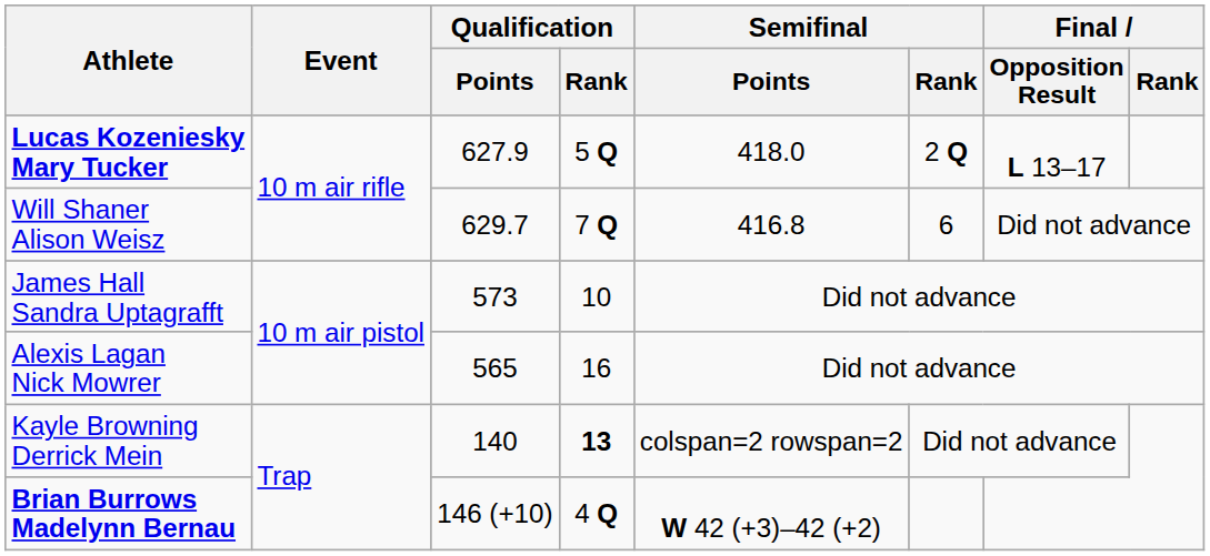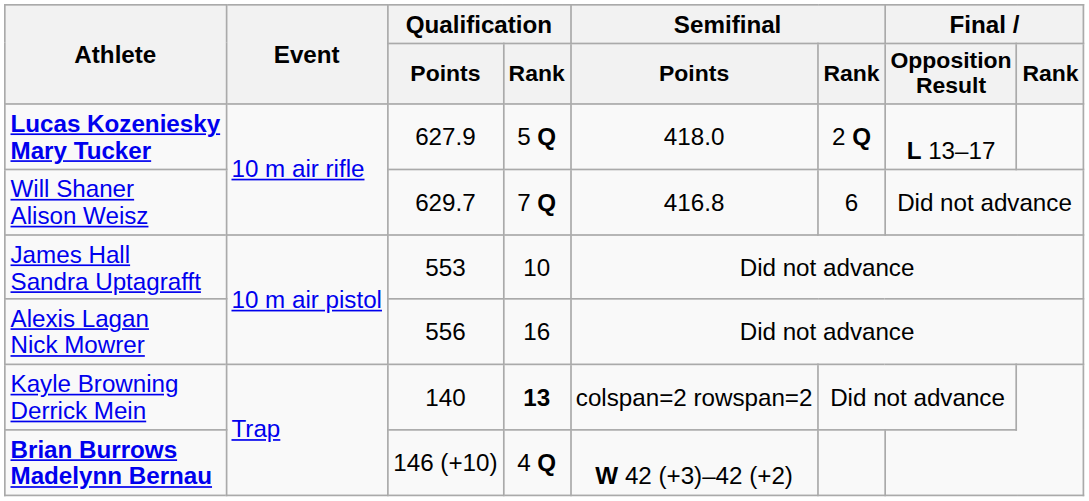 <table class=wikitable style=font-size:90%;text-align:center>
 <tr>
 <th rowspan=2>Athlete</th>
 <th rowspan=2>Event</th>
 <th colspan=2>Qualification</th>
 <th colspan=2>Semifinal</th>
 <th colspan=2>Final / </th>
 </tr>
 <tr style="font-size:95%">
 <th>Points</th>
 <th>Rank</th>
 <th>Points</th>
 <th>Rank</th>
 <th>Opposition<br>Result</th>
 <th>Rank</th>
 </tr>
 <tr>
 <td align=left><strong><a href='#'>Lucas Kozeniesky</a><br><a href='#'>Mary Tucker</a></strong></td>
 <td rowspan=2 align=left><a href='#'>10 m air rifle</a></td>
 <td>627.9</td>
 <td>5 <strong>Q</strong></td>
 <td>418.0</td>
 <td>2 <strong>Q</strong></td>
 <td><br><strong>L</strong> 13–17</td>
 <td></td>
 </tr>
 <tr>
 <td align=left><a href='#'>Will Shaner</a><br><a href='#'>Alison Weisz</a></td>
 <td>629.7</td>
 <td>7 <strong>Q</strong></td>
 <td>416.8</td>
 <td>6</td>
 <td colspan=2>Did not advance</td>
 </tr>
 <tr>
 <td align=left><a href='#'>James Hall</a><br><a href='#'>Sandra Uptagrafft</a></td>
 <td rowspan=2 align=left><a href='#'>10 m air pistol</a></td>
-<td>573</td>
+<td>553</td>
 <td>10</td>
 <td colspan=4>Did not advance</td>
 </tr>
 <tr>
 <td align=left><a href='#'>Alexis Lagan</a><br><a href='#'>Nick Mowrer</a></td>
-<td>565</td>
+<td>556</td>
 <td>16</td>
 <td colspan=4>Did not advance</td>
 </tr>
 <tr>
 <td align=left><a href='#'>Kayle Browning</a><br><a href='#'>Derrick Mein</a></td>
 <td align=left rowspan=2><a href='#'>Trap</a></td>
 <td>140</td>
 <td><strong>13</strong></td>
 <td>colspan=2 rowspan=2 </td>
 <td colspan=2>Did not advance</td>
 </tr>
 <tr>
 <td align=left><strong><a href='#'>Brian Burrows</a><br><a href='#'>Madelynn Bernau</a></strong></td>
 <td>146 (+10)</td>
 <td>4 <strong>Q</strong></td>
 <td><br><strong>W</strong> 42 (+3)–42 (+2)</td>
 <td></td>
 </tr>
 </table>
